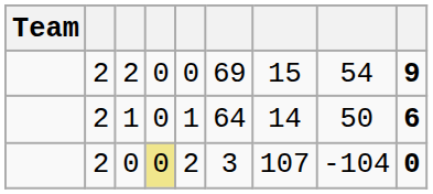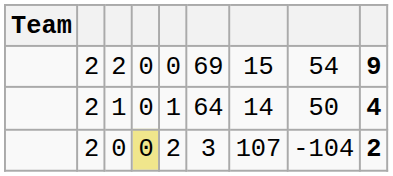 <table class="wikitable" style="text-align: center;">
 <tr>
 <th>Team</th>
 <th></th>
 <th></th>
 <th></th>
 <th></th>
 <th></th>
 <th></th>
 <th></th>
 <th></th>
 </tr>
 <tr>
 <td align="left"></td>
 <td>2</td>
 <td>2</td>
 <td>0</td>
 <td>0</td>
 <td>69</td>
 <td>15</td>
 <td>54</td>
 <td><strong>9</strong></td>
 </tr>
 <tr>
 <td align="left"></td>
 <td>2</td>
 <td>1</td>
 <td>0</td>
 <td>1</td>
 <td>64</td>
 <td>14</td>
 <td>50</td>
-<td><strong>6</strong></td>
+<td><strong>4</strong></td>
 </tr>
 <tr>
 <td align="left"></td>
 <td>2</td>
 <td>0</td>
 <td style="background: khaki;">0</td>
 <td>2</td>
 <td>3</td>
 <td>107</td>
 <td>-104</td>
-<td><strong>0</strong></td>
+<td><strong>2</strong></td>
 </tr>
 </table>
